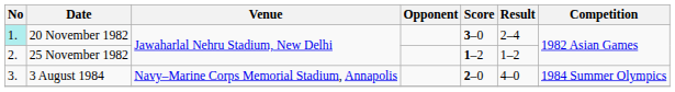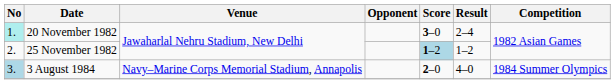 <table class="wikitable collapsible">
 <tr>
 <th>No</th>
 <th>Date</th>
 <th>Venue</th>
 <th>Opponent</th>
 <th>Score</th>
 <th>Result</th>
 <th>Competition</th>
 </tr>
 <tr>
 <td style="background: paleturquoise;">1.</td>
 <td>20 November 1982</td>
 <td rowspan=2><a href='#'>Jawaharlal Nehru Stadium, New Delhi</a></td>
 <td></td>
 <td><strong>3</strong>–0</td>
 <td>2–4</td>
 <td rowspan=2><a href='#'>1982 Asian Games</a></td>
 </tr>
 <tr>
 <td>2.</td>
 <td>25 November 1982</td>
 <td></td>
-<td><strong>1</strong>–2</td>
+<td style="background: lightblue;"><strong>1</strong>–2</td>
 <td>1–2</td>
 </tr>
 <tr>
-<td>3.</td>
+<td style="background: lightblue;">3.</td>
 <td>3 August 1984</td>
 <td><a href='#'>Navy–Marine Corps Memorial Stadium</a>, <a href='#'>Annapolis</a></td>
 <td></td>
 <td><strong>2</strong>–0</td>
 <td>4–0</td>
 <td><a href='#'>1984 Summer Olympics</a></td>
 </tr>
 <tr>
 </tr>
 </table>
